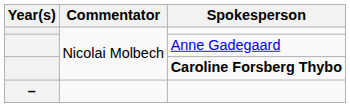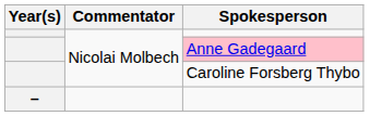 <table class="wikitable sortable plainrowheaders" text-align: left;">
 <tr>
 <th>Year(s)</th>
 <th>Commentator</th>
 <th>Spokesperson</th>
 </tr>
 <tr>
 <th scope="row"></th>
 <td rowspan="3">Nicolai Molbech</td>
 <td></td>
 </tr>
 <tr>
 <th scope="row"></th>
-<td><a href='#'>Anne Gadegaard</a></td>
+<td style="background: pink;"><a href='#'>Anne Gadegaard</a></td>
 </tr>
 <tr>
 <th scope="row"></th>
-<td><strong>Caroline Forsberg Thybo</strong></td>
+<td>Caroline Forsberg Thybo</td>
 </tr>
 <tr>
 <th scope="row">–</th>
 <td></td>
 <td></td>
 </tr>
 </table>
